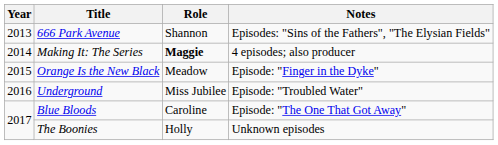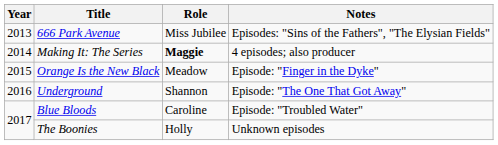 <table class="wikitable">
 <tr>
 <th>Year</th>
 <th>Title</th>
 <th>Role</th>
 <th>Notes</th>
 </tr>
 <tr>
 <td>2013</td>
 <td><em><a href='#'>666 Park Avenue</a></em></td>
-<td>Shannon</td>
+<td>Miss Jubilee</td>
 <td>Episodes: "Sins of the Fathers", "The Elysian Fields"</td>
 </tr>
 <tr>
 <td>2014</td>
 <td><em>Making It: The Series</em></td>
 <td><strong>Maggie</strong></td>
 <td>4 episodes; also producer</td>
 </tr>
 <tr>
 <td>2015</td>
 <td><em><a href='#'>Orange Is the New Black</a></em></td>
 <td>Meadow</td>
 <td>Episode: "<a href='#'>Finger in the Dyke</a>"</td>
 </tr>
 <tr>
 <td>2016</td>
 <td><em><a href='#'>Underground</a></em></td>
-<td>Miss Jubilee</td>
-<td>Episode: "Troubled Water"</td>
+<td>Shannon</td>
+<td>Episode: "<a href='#'>The One That Got Away</a>"</td>
 </tr>
 <tr>
 <td rowspan="2">2017</td>
 <td><em><a href='#'>Blue Bloods</a></em></td>
 <td>Caroline</td>
-<td>Episode: "<a href='#'>The One That Got Away</a>"</td>
+<td>Episode: "Troubled Water"</td>
 </tr>
 <tr>
 <td><em>The Boonies</em></td>
 <td>Holly</td>
 <td>Unknown episodes</td>
 </tr>
 </table>
